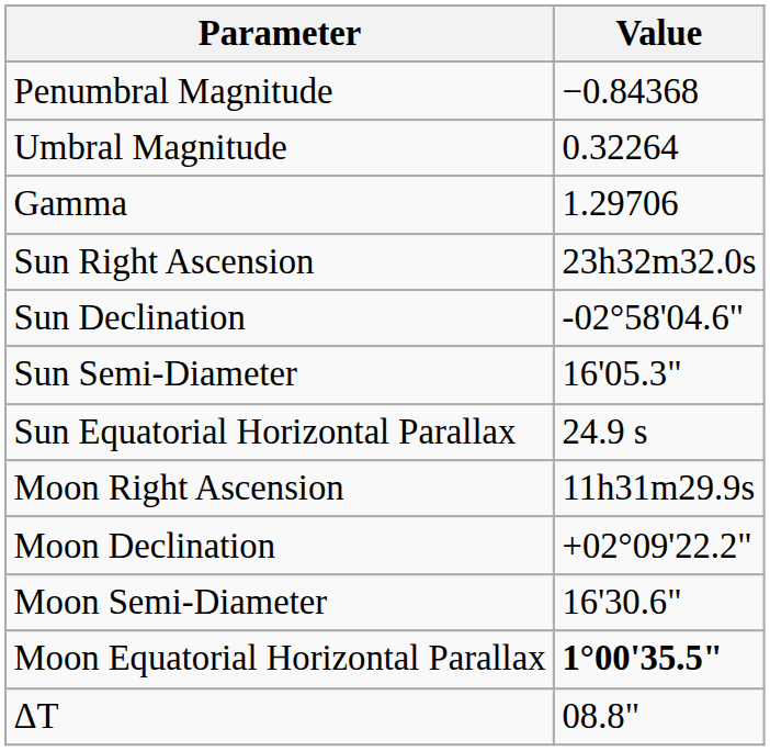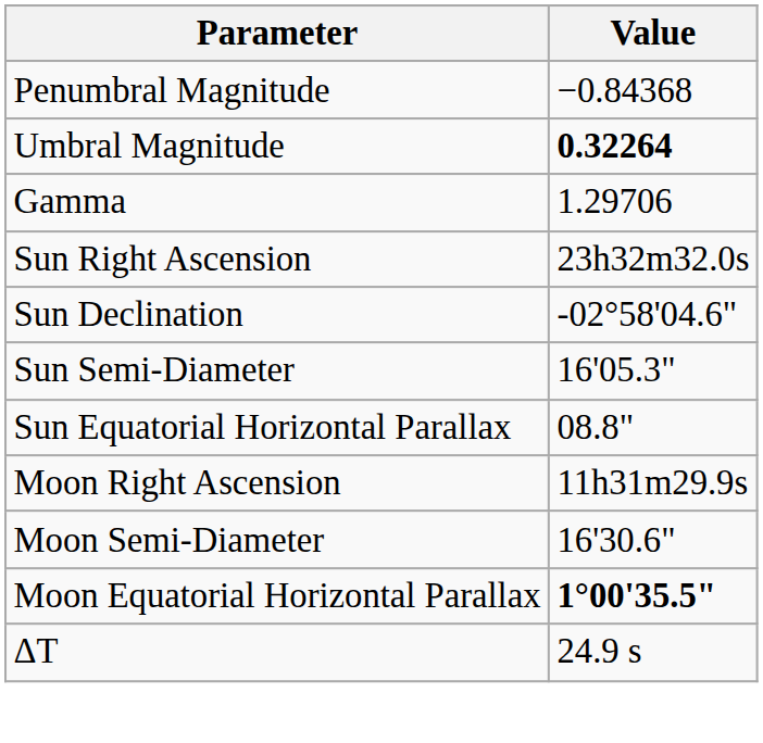 <table class="wikitable">
 <tr>
 <th>Parameter</th>
 <th>Value</th>
 </tr>
 <tr>
 <td>Penumbral Magnitude</td>
 <td>−0.84368</td>
 </tr>
 <tr>
 <td>Umbral Magnitude</td>
-<td>0.32264</td>
+<td><strong>0.32264</strong></td>
 </tr>
 <tr>
 <td>Gamma</td>
 <td>1.29706</td>
 </tr>
 <tr>
 <td>Sun Right Ascension</td>
 <td>23h32m32.0s</td>
 </tr>
 <tr>
 <td>Sun Declination</td>
 <td>-02°58'04.6"</td>
 </tr>
 <tr>
 <td>Sun Semi-Diameter</td>
 <td>16'05.3"</td>
 </tr>
 <tr>
 <td>Sun Equatorial Horizontal Parallax</td>
-<td>24.9 s</td>
+<td>08.8"</td>
 </tr>
 <tr>
 <td>Moon Right Ascension</td>
 <td>11h31m29.9s</td>
-</tr>
-<tr>
-<td>Moon Declination</td>
-<td>+02°09'22.2"</td>
 </tr>
 <tr>
 <td>Moon Semi-Diameter</td>
 <td>16'30.6"</td>
 </tr>
 <tr>
 <td>Moon Equatorial Horizontal Parallax</td>
 <td><strong>1°00'35.5"</strong></td>
 </tr>
 <tr>
 <td>ΔT</td>
-<td>08.8"</td>
+<td>24.9 s</td>
 </tr>
 </table>
